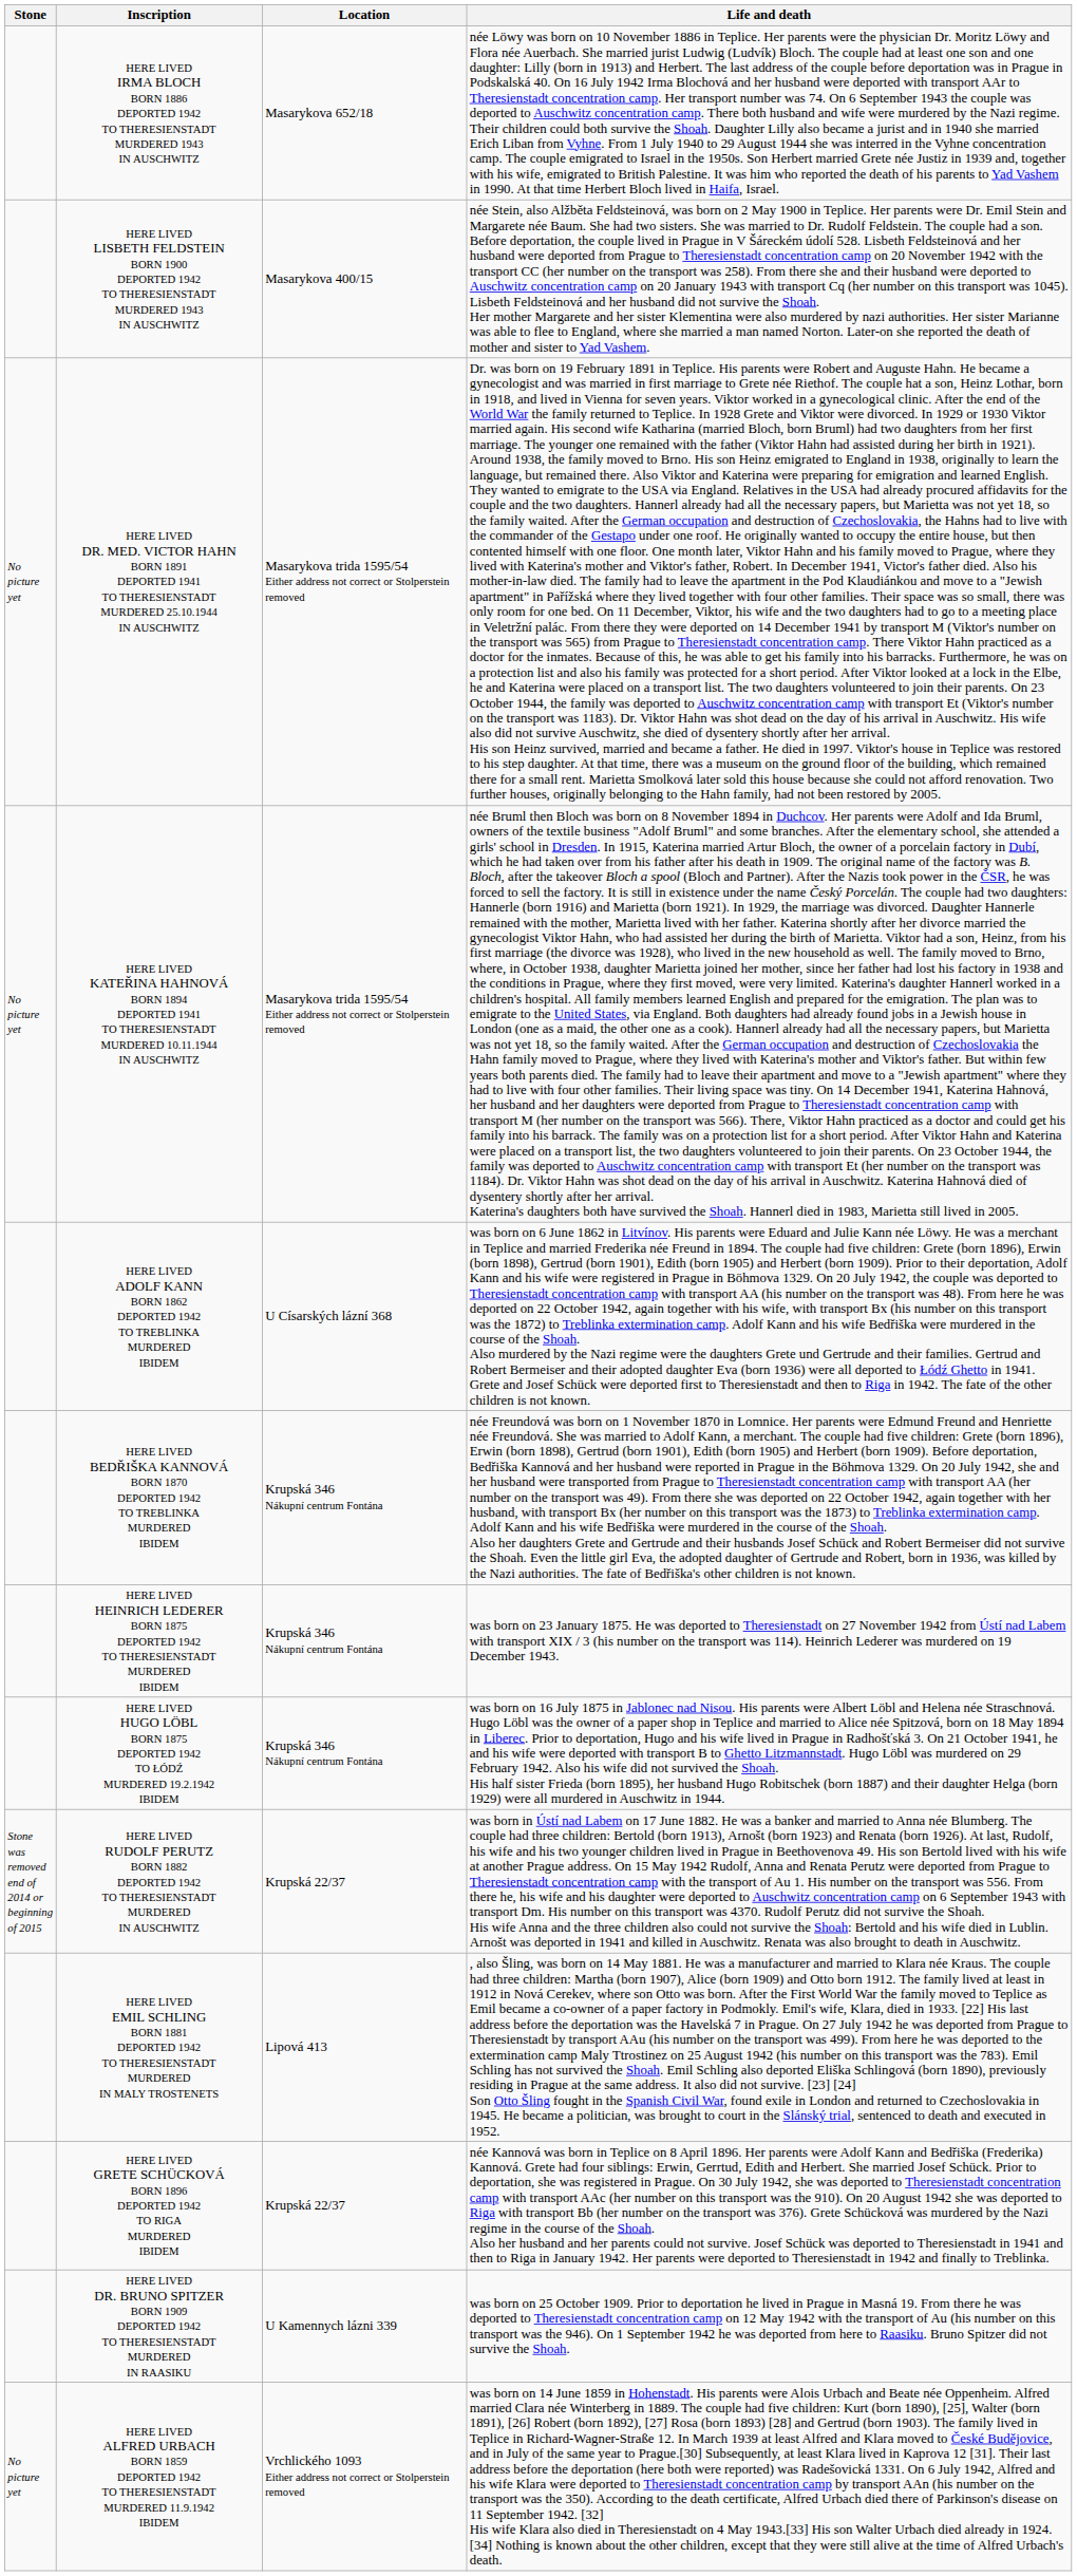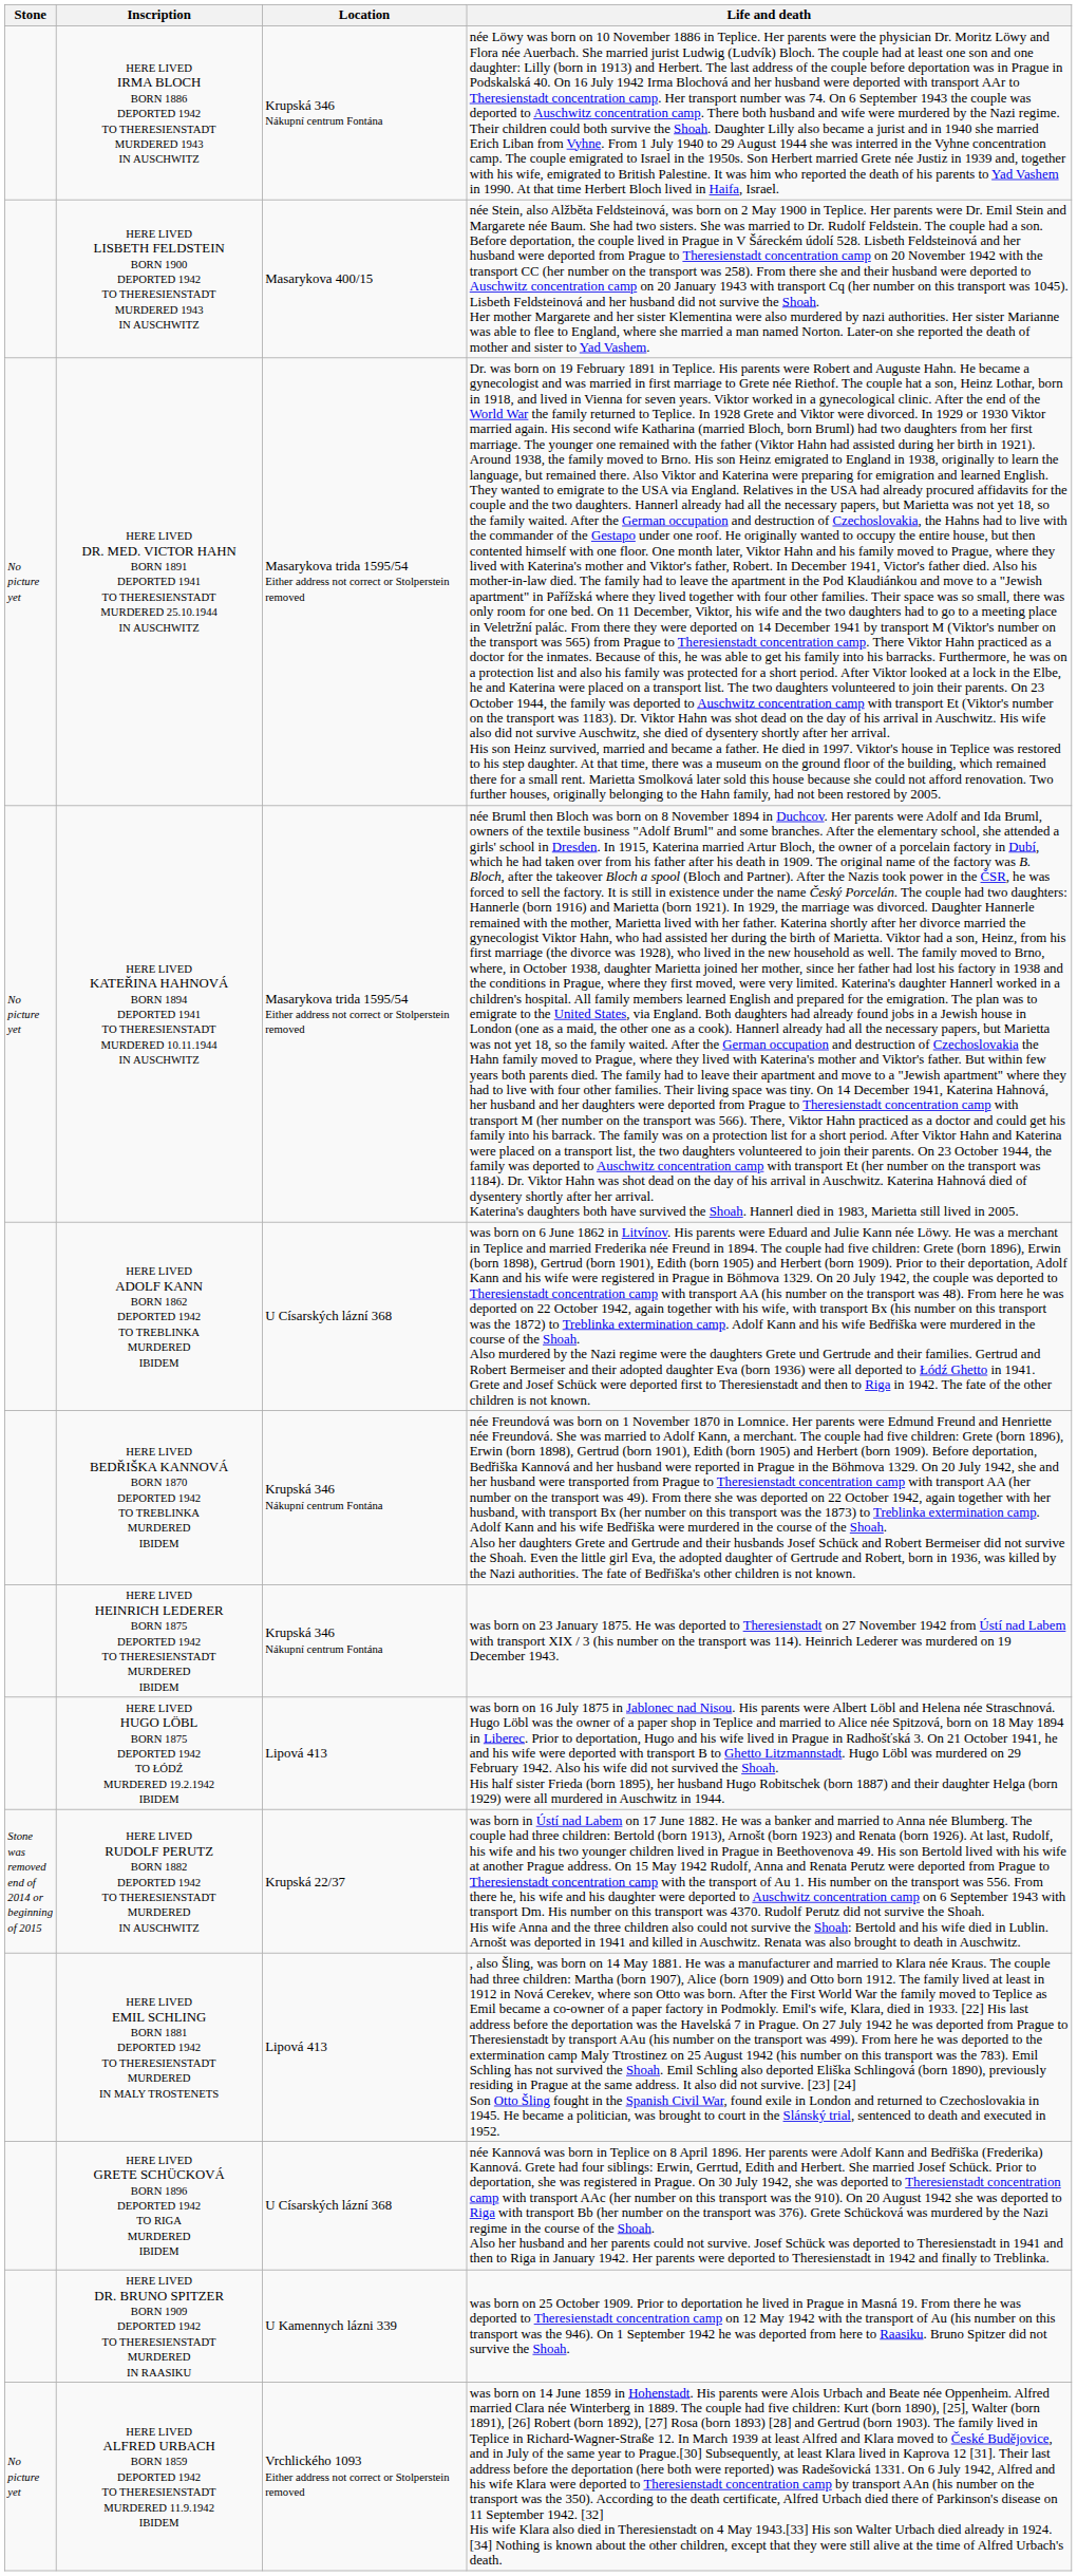 <table class="wikitable sortable toptextcells" style="width:100%">
 <tr>
 <th class="hintergrundfarbe6 unsortable" width="120px">Stone</th>
 <th class="hintergrundfarbe6 unsortable" style ="width:20%;">Inscription</th>
 <th class="hintergrundfarbe6" data-sort-type="text" style ="width:20%;">Location</th>
 <th class="hintergrundfarbe6" style="width:100%;">Life and death</th>
 </tr>
 <tr>
 <td></td>
 <td style="text-align:center"><div><small>HERE LIVED</small><br>IRMA BLOCH<br><small>BORN 1886<br>DEPORTED 1942<br>TO THERESIENSTADT<br>MURDERED 1943<br>IN AUSCHWITZ</small></div></td>
-<td>Masarykova 652/18<br></td>
+<td>Krupská 346<br><small>Nákupní centrum Fontána</small><br></td>
 <td><strong></strong> née Löwy was born on 10 November 1886 in Teplice. Her parents were the physician Dr. Moritz Löwy and Flora née Auerbach. She married jurist Ludwig (Ludvík) Bloch. The couple had at least one son and one daughter: Lilly (born in 1913) and Herbert. The last address of the couple before deportation was in Prague in Podskalská 40. On 16 July 1942 Irma Blochová and her husband were deported with transport AAr to <a href='#'>Theresienstadt concentration camp</a>. Her transport number was 74. On 6 September 1943 the couple was deported to <a href='#'>Auschwitz concentration camp</a>. There both husband and wife were murdered by the Nazi regime.<br>Their children could both survive the <a href='#'>Shoah</a>. Daughter Lilly also became a jurist and in 1940 she married Erich Liban from <a href='#'>Vyhne</a>. From 1 July 1940 to 29 August 1944 she was interred in the Vyhne concentration camp. The couple emigrated to Israel in the 1950s. Son Herbert married Grete née Justiz in 1939 and, together with his wife, emigrated to British Palestine. It was him who reported the death of his parents to <a href='#'>Yad Vashem</a> in 1990. At that time Herbert Bloch lived in <a href='#'>Haifa</a>, Israel.</td>
 </tr>
 <tr>
 <td></td>
 <td style="text-align:center"><div><small>HERE LIVED</small><br>LISBETH FELDSTEIN<br><small>BORN 1900<br>DEPORTED 1942<br>TO THERESIENSTADT<br>MURDERED 1943<br>IN AUSCHWITZ</small></div></td>
 <td>Masarykova 400/15<br></td>
 <td><strong></strong> née Stein, also Alžběta Feldsteinová, was born on 2 May 1900 in Teplice. Her parents were Dr. Emil Stein and Margarete née Baum. She had two sisters. She was married to Dr. Rudolf Feldstein. The couple had a son. Before deportation, the couple lived in Prague in V Šáreckém údolí 528. Lisbeth Feldsteinová and her husband were deported from Prague to <a href='#'>Theresienstadt concentration camp</a> on 20 November 1942 with the transport CC (her number on the transport was 258). From there she and their husband were deported to <a href='#'>Auschwitz concentration camp</a> on 20 January 1943 with transport Cq (her number on this transport was 1045). Lisbeth Feldsteinová and her husband did not survive the <a href='#'>Shoah</a>.<br>Her mother Margarete and her sister Klementina were also murdered by nazi authorities. Her sister Marianne was able to flee to England, where she married a man named Norton. Later-on she reported the death of mother and sister to <a href='#'>Yad Vashem</a>.</td>
 </tr>
 <tr>
 <td><small><em>No picture yet</em></small></td>
 <td style="text-align:center"><div><small>HERE LIVED</small><br>DR. MED. VICTOR HAHN<br><small>BORN 1891<br>DEPORTED 1941<br>TO THERESIENSTADT<br>MURDERED 25.10.1944<br>IN AUSCHWITZ</small></div></td>
 <td>Masarykova trida 1595/54<br><small>Either address not correct or Stolperstein removed</small></td>
 <td>Dr. <strong></strong> was born on 19 February 1891 in Teplice. His parents were Robert and Auguste Hahn. He became a gynecologist and was married in first marriage to Grete née Riethof. The couple hat a son, Heinz Lothar, born in 1918, and lived in Vienna for seven years. Viktor worked in a gynecological clinic. After the end of the <a href='#'>World War</a> the family returned to Teplice. In 1928 Grete and Viktor were divorced. In 1929 or 1930 Viktor married again. His second wife Katharina (married Bloch, born Bruml) had two daughters from her first marriage. The younger one remained with the father (Viktor Hahn had assisted during her birth in 1921). Around 1938, the family moved to Brno. His son Heinz emigrated to England in 1938, originally to learn the language, but remained there. Also Viktor and Katerina were preparing for emigration and learned English. They wanted to emigrate to the USA via England. Relatives in the USA had already procured affidavits for the couple and the two daughters. Hannerl already had all the necessary papers, but Marietta was not yet 18, so the family waited. After the <a href='#'>German occupation</a> and destruction of <a href='#'>Czechoslovakia</a>, the Hahns had to live with the commander of the <a href='#'>Gestapo</a> under one roof. He originally wanted to occupy the entire house, but then contented himself with one floor. One month later, Viktor Hahn and his family moved to Prague, where they lived with Katerina's mother and Viktor's father, Robert. In December 1941, Victor's father died. Also his mother-in-law died. The family had to leave the apartment in the Pod Klaudiánkou and move to a "Jewish apartment" in Pařížská where they lived together with four other families. Their space was so small, there was only room for one bed. On 11 December, Viktor, his wife and the two daughters had to go to a meeting place in Veletržní palác. From there they were deported on 14 December 1941 by transport M (Viktor's number on the transport was 565) from Prague to <a href='#'>Theresienstadt concentration camp</a>. There Viktor Hahn practiced as a doctor for the inmates. Because of this, he was able to get his family into his barracks. Furthermore, he was on a protection list and also his family was protected for a short period. After Viktor looked at a lock in the Elbe, he and Katerina were placed on a transport list. The two daughters volunteered to join their parents. On 23 October 1944, the family was deported to <a href='#'>Auschwitz concentration camp</a> with transport Et (Viktor's number on the transport was 1183). Dr. Viktor Hahn was shot dead on the day of his arrival in Auschwitz. His wife also did not survive Auschwitz, she died of dysentery shortly after her arrival.<br>His son Heinz survived, married and became a father. He died in 1997. Viktor's house in Teplice was restored to his step daughter. At that time, there was a museum on the ground floor of the building, which remained there for a small rent. Marietta Smolková later sold this house because she could not afford renovation. Two further houses, originally belonging to the Hahn family, had not been restored by 2005.</td>
 </tr>
 <tr>
 <td><small><em>No picture yet</em></small></td>
 <td style="text-align:center"><div><small>HERE LIVED</small><br>KATEŘINA HAHNOVÁ<br><small>BORN 1894<br>DEPORTED 1941<br>TO THERESIENSTADT<br>MURDERED 10.11.1944<br>IN AUSCHWITZ</small></div></td>
 <td>Masarykova trida 1595/54<br><small>Either address not correct or Stolperstein removed</small></td>
 <td><strong></strong> née Bruml then Bloch was born on 8 November 1894 in <a href='#'>Duchcov</a>. Her parents were Adolf and Ida Bruml, owners of the textile business "Adolf Bruml" and some branches. After the elementary school, she attended a girls' school in <a href='#'>Dresden</a>. In 1915, Katerina married Artur Bloch, the owner of a porcelain factory in <a href='#'>Dubí</a>, which he had taken over from his father after his death in 1909. The original name of the factory was <em>B. Bloch</em>, after the takeover <em>Bloch a spool</em> (Bloch and Partner). After the Nazis took power in the <a href='#'>ČSR</a>, he was forced to sell the factory. It is still in existence under the name <em>Český Porcelán</em>. The couple had two daughters: Hannerle (born 1916) and Marietta (born 1921). In 1929, the marriage was divorced. Daughter Hannerle remained with the mother, Marietta lived with her father. Katerina shortly after her divorce married the gynecologist Viktor Hahn, who had assisted her during the birth of Marietta. Viktor had a son, Heinz, from his first marriage (the divorce was 1928), who lived in the new household as well. The family moved to Brno, where, in October 1938, daughter Marietta joined her mother, since her father had lost his factory in 1938 and the conditions in Prague, where they first moved, were very limited. Katerina's daughter Hannerl worked in a children's hospital. All family members learned English and prepared for the emigration. The plan was to emigrate to the <a href='#'>United States</a>, via England. Both daughters had already found jobs in a Jewish house in London (one as a maid, the other one as a cook). Hannerl already had all the necessary papers, but Marietta was not yet 18, so the family waited. After the <a href='#'>German occupation</a> and destruction of <a href='#'>Czechoslovakia</a> the Hahn family moved to Prague, where they lived with Katerina's mother and Viktor's father. But within few years both parents died. The family had to leave their apartment and move to a "Jewish apartment" where they had to live with four other families. Their living space was tiny. On 14 December 1941, Katerina Hahnová, her husband and her daughters were deported from Prague to <a href='#'>Theresienstadt concentration camp</a> with transport M (her number on the transport was 566). There, Viktor Hahn practiced as a doctor and could get his family into his barrack. The family was on a protection list for a short period. After Viktor Hahn and Katerina were placed on a transport list, the two daughters volunteered to join their parents. On 23 October 1944, the family was deported to <a href='#'>Auschwitz concentration camp</a> with transport Et (her number on the transport was 1184). Dr. Viktor Hahn was shot dead on the day of his arrival in Auschwitz. Katerina Hahnová died of dysentery shortly after her arrival.<br>Katerina's daughters both have survived the <a href='#'>Shoah</a>. Hannerl died in 1983, Marietta still lived in 2005.</td>
 </tr>
 <tr>
 <td></td>
 <td style="text-align:center"><div><small>HERE LIVED</small><br>ADOLF KANN<br><small>BORN 1862<br>DEPORTED 1942<br>TO TREBLINKA<br>MURDERED<br>IBIDEM</small></div></td>
 <td>U Císarských lázní 368</td>
 <td><strong></strong> was born on 6 June 1862 in <a href='#'>Litvínov</a>. His parents were Eduard and Julie Kann née Löwy. He was a merchant in Teplice and married Frederika née Freund in 1894. The couple had five children: Grete (born 1896), Erwin (born 1898), Gertrud (born 1901), Edith (born 1905) and Herbert (born 1909). Prior to their deportation, Adolf Kann and his wife were registered in Prague in Böhmova 1329. On 20 July 1942, the couple was deported to <a href='#'>Theresienstadt concentration camp</a> with transport AA (his number on the transport was 48). From here he was deported on 22 October 1942, again together with his wife, with transport Bx (his number on this transport was the 1872) to <a href='#'>Treblinka extermination camp</a>. Adolf Kann and his wife Bedřiška were murdered in the course of the <a href='#'>Shoah</a>.<br>Also murdered by the Nazi regime were the daughters Grete und Gertrude and their families. Gertrud and Robert Bermeiser and their adopted daughter Eva (born 1936) were all deported to <a href='#'>Łódź Ghetto</a> in 1941. Grete and Josef Schück were deported first to Theresienstadt and then to <a href='#'>Riga</a> in 1942. The fate of the other children is not known.</td>
 </tr>
 <tr>
 <td></td>
 <td style="text-align:center"><div><small>HERE LIVED</small><br>BEDŘIŠKA KANNOVÁ<br><small>BORN 1870<br>DEPORTED 1942<br>TO TREBLINKA<br>MURDERED<br>IBIDEM</small></div></td>
 <td>Krupská 346<br><small>Nákupní centrum Fontána</small><br></td>
 <td><strong></strong> née Freundová was born on 1 November 1870 in Lomnice. Her parents were Edmund Freund and Henriette née Freundová. She was married to Adolf Kann, a merchant. The couple had five children: Grete (born 1896), Erwin (born 1898), Gertrud (born 1901), Edith (born 1905) and Herbert (born 1909). Before deportation, Bedřiška Kannová and her husband were reported in Prague in the Böhmova 1329. On 20 July 1942, she and her husband were transported from Prague to <a href='#'>Theresienstadt concentration camp</a> with transport AA (her number on the transport was 49). From there she was deported on 22 October 1942, again together with her husband, with transport Bx (her number on this transport was the 1873) to <a href='#'>Treblinka extermination camp</a>. Adolf Kann and his wife Bedřiška were murdered in the course of the <a href='#'>Shoah</a>.<br>Also her daughters Grete and Gertrude and their husbands Josef Schück and Robert Bermeiser did not survive the Shoah. Even the little girl Eva, the adopted daughter of Gertrude and Robert, born in 1936, was killed by the Nazi authorities. The fate of Bedřiška's other children is not known.</td>
 </tr>
 <tr>
 <td></td>
 <td style="text-align:center"><div><small>HERE LIVED</small><br>HEINRICH LEDERER<br><small>BORN 1875<br>DEPORTED 1942<br>TO THERESIENSTADT<br>MURDERED<br>IBIDEM</small></div></td>
 <td>Krupská 346<br><small>Nákupní centrum Fontána</small><br></td>
 <td><strong></strong> was born on 23 January 1875. He was deported to <a href='#'>Theresienstadt</a> on 27 November 1942 from <a href='#'>Ústí nad Labem</a> with transport XIX / 3 (his number on the transport was 114). Heinrich Lederer was murdered on 19 December 1943.</td>
 </tr>
 <tr>
 <td></td>
 <td style="text-align:center"><div><small>HERE LIVED</small><br>HUGO LÖBL<br><small>BORN 1875<br>DEPORTED 1942<br>TO ŁÓDŹ<br>MURDERED 19.2.1942<br>IBIDEM</small></div></td>
-<td>Krupská 346<br><small>Nákupní centrum Fontána</small><br></td>
+<td>Lipová 413<br></td>
 <td><strong></strong> was born on 16 July 1875 in <a href='#'>Jablonec nad Nisou</a>. His parents were Albert Löbl and Helena née Straschnová. Hugo Löbl was the owner of a paper shop in Teplice and married to Alice née Spitzová, born on 18 May 1894 in <a href='#'>Liberec</a>. Prior to deportation, Hugo and his wife lived in Prague in Radhošťská 3. On 21 October 1941, he and his wife were deported with transport B to <a href='#'>Ghetto Litzmannstadt</a>. Hugo Löbl was murdered on 29 February 1942. Also his wife did not survived the <a href='#'>Shoah</a>.<br>His half sister Frieda (born 1895), her husband Hugo Robitschek (born 1887) and their daughter Helga (born 1929) were all murdered in Auschwitz in 1944.</td>
 </tr>
 <tr>
 <td><small><em>Stone was removed end of 2014 or beginning of 2015</em></small></td>
 <td style="text-align:center"><div><small>HERE LIVED</small><br>RUDOLF PERUTZ<br><small>BORN 1882<br>DEPORTED 1942<br>TO THERESIENSTADT<br>MURDERED<br>IN AUSCHWITZ</small></div></td>
 <td>Krupská 22/37<br></td>
 <td><strong></strong> was born in <a href='#'>Ústí nad Labem</a> on 17 June 1882. He was a banker and married to Anna née Blumberg. The couple had three children: Bertold (born 1913), Arnošt (born 1923) and Renata (born 1926). At last, Rudolf, his wife and his two younger children lived in Prague in Beethovenova 49. His son Bertold lived with his wife at another Prague address. On 15 May 1942 Rudolf, Anna and Renata Perutz were deported from Prague to <a href='#'>Theresienstadt concentration camp</a> with the transport of Au 1. His number on the transport was 556. From there he, his wife and his daughter were deported to <a href='#'>Auschwitz concentration camp</a> on 6 September 1943 with transport Dm. His number on this transport was 4370. Rudolf Perutz did not survive the Shoah.<br>His wife Anna and the three children also could not survive the <a href='#'>Shoah</a>: Bertold and his wife died in Lublin. Arnošt was deported in 1941 and killed in Auschwitz. Renata was also brought to death in Auschwitz.</td>
 </tr>
 <tr>
 <td></td>
 <td style="text-align:center"><div><small>HERE LIVED</small><br>EMIL SCHLING<br><small>BORN 1881<br>DEPORTED 1942<br>TO THERESIENSTADT<br>MURDERED<br>IN MALY TROSTENETS</small></div></td>
 <td>Lipová 413<br></td>
 <td><strong></strong>, also Šling, was born on 14 May 1881. He was a manufacturer and married to Klara née Kraus. The couple had three children: Martha (born 1907), Alice (born 1909) and Otto born 1912. The family lived at least in 1912 in Nová Cerekev, where son Otto was born. After the First World War the family moved to Teplice as Emil became a co-owner of a paper factory in Podmokly. Emil's wife, Klara, died in 1933. [22] His last address before the deportation was the Havelská 7 in Prague. On 27 July 1942 he was deported from Prague to Theresienstadt by transport AAu (his number on the transport was 499). From here he was deported to the extermination camp Maly Ttrostinez on 25 August 1942 (his number on this transport was the 783). Emil Schling has not survived the <a href='#'>Shoah</a>. Emil Schling also deported Eliška Schlingová (born 1890), previously residing in Prague at the same address. It also did not survive. [23] [24]<br>Son <a href='#'>Otto Šling</a> fought in the <a href='#'>Spanish Civil War</a>, found exile in London and returned to Czechoslovakia in 1945. He became a politician, was brought to court in the <a href='#'>Slánský trial</a>, sentenced to death and executed in 1952.</td>
 </tr>
 <tr>
 <td></td>
 <td style="text-align:center"><div><small>HERE LIVED</small><br>GRETE SCHÜCKOVÁ<br><small>BORN 1896<br>DEPORTED 1942<br>TO RIGA<br>MURDERED<br>IBIDEM</small></div></td>
-<td>Krupská 22/37<br></td>
+<td>U Císarských lázní 368</td>
 <td><strong></strong> née Kannová was born in Teplice on 8 April 1896. Her parents were Adolf Kann and Bedřiška (Frederika) Kannová. Grete had four siblings: Erwin, Gerrtud, Edith and Herbert. She married Josef Schück. Prior to deportation, she was registered in Prague. On 30 July 1942, she was deported to <a href='#'>Theresienstadt concentration camp</a> with transport AAc (her number on this transport was the 910). On 20 August 1942 she was deported to <a href='#'>Riga</a> with transport Bb (her number on the transport was 376). Grete Schücková was murdered by the Nazi regime in the course of the <a href='#'>Shoah</a>.<br>Also her husband and her parents could not survive. Josef Schück was deported to Theresienstadt in 1941 and then to Riga in January 1942. Her parents were deported to Theresienstadt in 1942 and finally to Treblinka.</td>
 </tr>
 <tr>
 <td></td>
 <td style="text-align:center"><div><small>HERE LIVED</small><br>DR. BRUNO SPITZER<br><small>BORN 1909<br>DEPORTED 1942<br>TO THERESIENSTADT<br>MURDERED<br>IN RAASIKU</small></div></td>
 <td>U Kamennych lázni 339<br></td>
 <td><strong></strong> was born on 25 October 1909. Prior to deportation he lived in Prague in Masná 19. From there he was deported to <a href='#'>Theresienstadt concentration camp</a> on 12 May 1942 with the transport of Au (his number on this transport was the 946). On 1 September 1942 he was deported from here to <a href='#'>Raasiku</a>. Bruno Spitzer did not survive the <a href='#'>Shoah</a>.</td>
 </tr>
 <tr>
 <td><small><em>No picture yet</em></small></td>
 <td style="text-align:center"><div><small>HERE LIVED</small><br>ALFRED URBACH<br><small>BORN 1859<br>DEPORTED 1942<br>TO THERESIENSTADT<br>MURDERED 11.9.1942<br>IBIDEM</small></div></td>
 <td>Vrchlického 1093<br><small>Either address not correct or Stolperstein removed</small></td>
 <td><strong></strong> was born on 14 June 1859 in <a href='#'>Hohenstadt</a>. His parents were Alois Urbach and Beate née Oppenheim. Alfred married Clara née Winterberg in 1889. The couple had five children: Kurt (born 1890), [25], Walter (born 1891), [26] Robert (born 1892), [27] Rosa (born 1893) [28] and Gertrud (born 1903). The family lived in Teplice in Richard-Wagner-Straße 12. In March 1939 at least Alfred and Klara moved to <a href='#'>České Budějovice</a>, and in July of the same year to Prague.[30] Subsequently, at least Klara lived in Kaprova 12 [31]. Their last address before the deportation (here both were reported) was Radešovická 1331. On 6 July 1942, Alfred and his wife Klara were deported to <a href='#'>Theresienstadt concentration camp</a> by transport AAn (his number on the transport was the 350). According to the death certificate, Alfred Urbach died there of Parkinson's disease on 11 September 1942. [32]<br>His wife Klara also died in Theresienstadt on 4 May 1943.[33] His son Walter Urbach died already in 1924.[34] Nothing is known about the other children, except that they were still alive at the time of Alfred Urbach's death.</td>
 </tr>
 </table>
